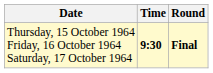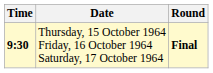 <table class="wikitable">
 <tr>
+<th>Time</th>
 <th>Date</th>
-<th>Time</th>
 <th>Round</th>
 </tr>
 <tr style=background:lemonchiffon>
+<td><strong>9:30</strong></td>
 <td>Thursday, 15 October 1964<br>Friday, 16 October 1964<br>Saturday, 17 October 1964</td>
-<td><strong>9:30</strong></td>
 <td><strong>Final</strong></td>
 </tr>
 </table>
